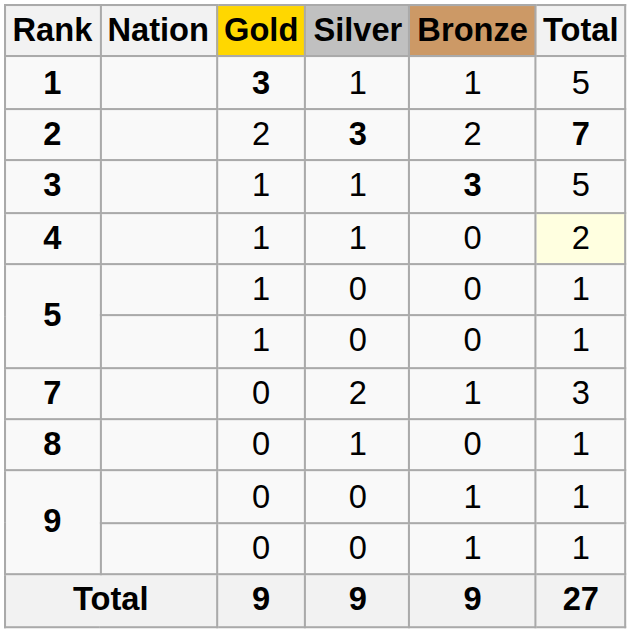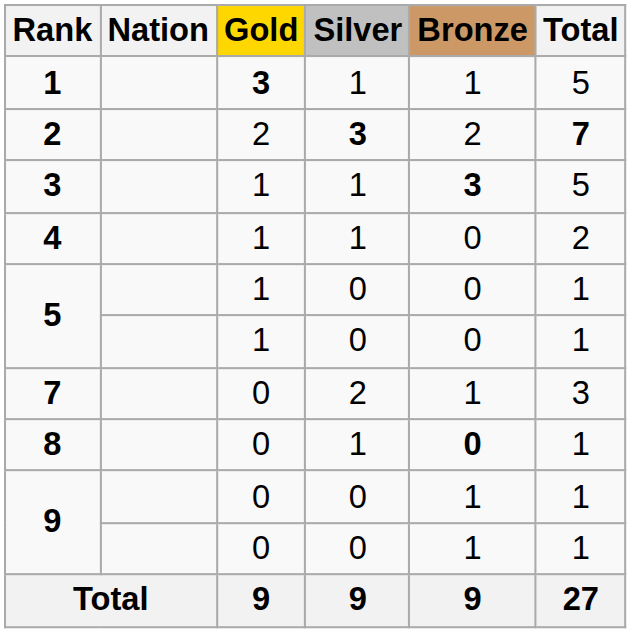 <table class="wikitable plainrowheaders" style="text-align:center;">
 <tr>
 <th>Rank</th>
 <th>Nation</th>
 <th style="background:    gold;">Gold</th>
 <th style="background:  silver;">Silver</th>
 <th style="background: #CC9966;">Bronze</th>
 <th>Total</th>
 </tr>
 <tr>
 <td><strong>1</strong></td>
 <td align=left></td>
 <td><strong>3</strong></td>
 <td>1</td>
 <td>1</td>
 <td>5</td>
 </tr>
 <tr>
 <td><strong>2</strong></td>
 <td align=left></td>
 <td>2</td>
 <td><strong>3</strong></td>
 <td>2</td>
 <td><strong>7</strong></td>
 </tr>
 <tr>
 <td><strong>3</strong></td>
 <td align=left></td>
 <td>1</td>
 <td>1</td>
 <td><strong>3</strong></td>
 <td>5</td>
 </tr>
 <tr>
 <td><strong>4</strong></td>
 <td align=left></td>
 <td>1</td>
 <td>1</td>
 <td>0</td>
-<td style="background: lightyellow;">2</td>
+<td>2</td>
 </tr>
 <tr>
 <td rowspan=2><strong>5</strong></td>
 <td align=left></td>
 <td>1</td>
 <td>0</td>
 <td>0</td>
 <td>1</td>
 </tr>
 <tr>
 <td align=left></td>
 <td>1</td>
 <td>0</td>
 <td>0</td>
 <td>1</td>
 </tr>
 <tr>
 <td><strong>7</strong></td>
 <td align=left></td>
 <td>0</td>
 <td>2</td>
 <td>1</td>
 <td>3</td>
 </tr>
 <tr>
 <td><strong>8</strong></td>
 <td align=left></td>
 <td>0</td>
 <td>1</td>
-<td>0</td>
+<td><strong>0</strong></td>
 <td>1</td>
 </tr>
 <tr>
 <td rowspan=2><strong>9</strong></td>
 <td align=left><em></em></td>
 <td>0</td>
 <td>0</td>
 <td>1</td>
 <td>1</td>
 </tr>
 <tr>
 <td align=left><em></em></td>
 <td>0</td>
 <td>0</td>
 <td>1</td>
 <td>1</td>
 </tr>
 <tr>
 <th colspan=2>Total</th>
 <th>9</th>
 <th>9</th>
 <th>9</th>
 <th>27</th>
 </tr>
 </table>
